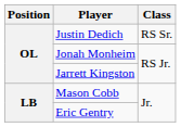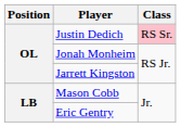 <table class="wikitable">
 <tr>
 <th>Position</th>
 <th>Player</th>
 <th>Class</th>
 </tr>
 <tr>
 <th rowspan="3">OL</th>
 <td><a href='#'>Justin Dedich</a></td>
-<td>RS Sr.</td>
+<td style="background: pink;">RS Sr.</td>
 </tr>
 <tr>
 <td><a href='#'>Jonah Monheim</a></td>
 <td rowspan="2">RS Jr.</td>
 </tr>
 <tr>
 <td><a href='#'>Jarrett Kingston</a></td>
 </tr>
 <tr>
 <th rowspan="2">LB</th>
 <td><a href='#'>Mason Cobb</a></td>
 <td rowspan="2">Jr.</td>
 </tr>
 <tr>
 <td><a href='#'>Eric Gentry</a></td>
 </tr>
 </table>
